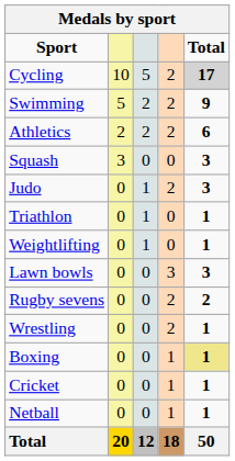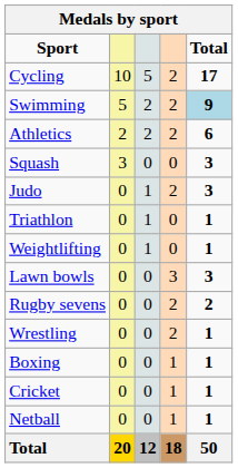 <table class="wikitable" style="text-align:center;font-size:90%">
 <tr style="background:#efefef;">
 <th colspan=5>Medals by sport</th>
 </tr>
 <tr>
 <td><strong>Sport</strong></td>
 <td bgcolor=#f7f6a8></td>
 <td bgcolor=#dce5e5></td>
 <td bgcolor=#ffdab9></td>
 <td><strong>Total</strong></td>
 </tr>
 <tr>
 <td style="text-align:left;"><a href='#'>Cycling</a></td>
 <td style="background:#F7F6A8;">10</td>
 <td style="background:#DCE5E5;">5</td>
 <td style="background:#FFDAB9;">2</td>
-<td style="background: lightgrey;"><strong>17</strong></td>
+<td><strong>17</strong></td>
 </tr>
 <tr>
 <td style="text-align:left;"><a href='#'>Swimming</a></td>
 <td style="background:#F7F6A8;">5</td>
 <td style="background:#DCE5E5;">2</td>
 <td style="background:#FFDAB9;">2</td>
-<td><strong>9</strong></td>
+<td style="background: lightblue;"><strong>9</strong></td>
 </tr>
 <tr>
 <td style="text-align:left;"><a href='#'>Athletics</a></td>
 <td style="background:#F7F6A8;">2</td>
 <td style="background:#DCE5E5;">2</td>
 <td style="background:#FFDAB9;">2</td>
 <td><strong>6</strong></td>
 </tr>
 <tr>
 <td style="text-align:left;"><a href='#'>Squash</a></td>
 <td style="background:#F7F6A8;">3</td>
 <td style="background:#DCE5E5;">0</td>
 <td style="background:#FFDAB9;">0</td>
 <td><strong>3</strong></td>
 </tr>
 <tr>
 <td style="text-align:left;"><a href='#'>Judo</a></td>
 <td style="background:#F7F6A8;">0</td>
 <td style="background:#DCE5E5;">1</td>
 <td style="background:#FFDAB9;">2</td>
 <td><strong>3</strong></td>
 </tr>
 <tr>
 <td style="text-align:left;"><a href='#'>Triathlon</a></td>
 <td style="background:#F7F6A8;">0</td>
 <td style="background:#DCE5E5;">1</td>
 <td style="background:#FFDAB9;">0</td>
 <td><strong>1</strong></td>
 </tr>
 <tr>
 <td style="text-align:left;"><a href='#'>Weightlifting</a></td>
 <td style="background:#F7F6A8;">0</td>
 <td style="background:#DCE5E5;">1</td>
 <td style="background:#FFDAB9;">0</td>
 <td><strong>1</strong></td>
 </tr>
 <tr>
 <td style="text-align:left;"><a href='#'>Lawn bowls</a></td>
 <td style="background:#F7F6A8;">0</td>
 <td style="background:#DCE5E5;">0</td>
 <td style="background:#FFDAB9;">3</td>
 <td><strong>3</strong></td>
 </tr>
 <tr>
 <td style="text-align:left;"><a href='#'>Rugby sevens</a></td>
 <td style="background:#F7F6A8;">0</td>
 <td style="background:#DCE5E5;">0</td>
 <td style="background:#FFDAB9;">2</td>
 <td><strong>2</strong></td>
 </tr>
 <tr>
 <td style="text-align:left;"><a href='#'>Wrestling</a></td>
 <td style="background:#F7F6A8;">0</td>
 <td style="background:#DCE5E5;">0</td>
 <td style="background:#FFDAB9;">2</td>
 <td><strong>1</strong></td>
 </tr>
 <tr>
 <td style="text-align:left;"><a href='#'>Boxing</a></td>
 <td style="background:#F7F6A8;">0</td>
 <td style="background:#DCE5E5;">0</td>
 <td style="background:#FFDAB9;">1</td>
-<td style="background: khaki;"><strong>1</strong></td>
+<td><strong>1</strong></td>
 </tr>
 <tr>
 <td style="text-align:left;"><a href='#'>Cricket</a></td>
 <td style="background:#F7F6A8;">0</td>
 <td style="background:#DCE5E5;">0</td>
 <td style="background:#FFDAB9;">1</td>
 <td><strong>1</strong></td>
 </tr>
 <tr>
 <td style="text-align:left;"><a href='#'>Netball</a></td>
 <td style="background:#F7F6A8;">0</td>
 <td style="background:#DCE5E5;">0</td>
 <td style="background:#FFDAB9;">1</td>
 <td><strong>1</strong></td>
 </tr>
 <tr>
 <th style="text-align:left;">Total</th>
 <th style="background:gold;">20</th>
 <th style="background:silver;">12</th>
 <th style="background:#c96;">18</th>
 <th>50</th>
 </tr>
 </table>
